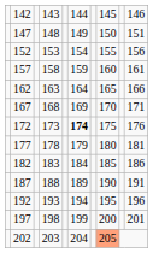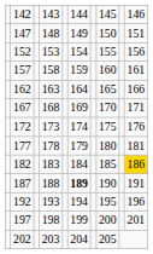 <table class="wikitable" style="text-align:center">
 <tr>
 <td></td>
 <td>142<br><big></big></td>
 <td></td>
 <td>143<br><big></big></td>
 <td></td>
 <td>144<br><big></big></td>
 <td></td>
 <td>145<br><big></big></td>
 <td></td>
 <td>146<br><big></big></td>
 </tr>
 <tr>
 <td></td>
 <td>147<br><big></big></td>
 <td></td>
 <td>148<br><big></big></td>
 <td></td>
 <td>149<br><big></big></td>
 <td></td>
 <td>150<br><big></big></td>
 <td></td>
 <td>151<br><big></big></td>
 </tr>
 <tr>
 <td></td>
 <td>152<br><big></big></td>
 <td></td>
 <td>153<br><big></big></td>
 <td></td>
 <td>154<br><big></big></td>
 <td></td>
 <td>155<br><big></big></td>
 <td></td>
 <td>156<br><big></big></td>
 </tr>
 <tr>
 <td></td>
 <td>157<br><big></big></td>
 <td></td>
 <td>158<br><big></big></td>
 <td></td>
 <td>159<br><big></big></td>
 <td></td>
 <td>160<br><big></big></td>
 <td></td>
 <td>161<br><big></big></td>
 </tr>
 <tr>
 <td></td>
 <td>162<br><big></big></td>
 <td></td>
 <td>163<br><big></big></td>
 <td></td>
 <td>164<br><big></big></td>
 <td></td>
 <td>165<br><big></big></td>
 <td></td>
 <td>166<br><big></big></td>
 </tr>
 <tr>
 <td></td>
 <td>167<br><big></big></td>
 <td></td>
 <td>168<br><big></big></td>
 <td></td>
 <td>169<br><big></big></td>
 <td></td>
 <td>170<br><big></big></td>
 <td></td>
 <td>171<br><big></big></td>
 </tr>
 <tr>
 <td></td>
 <td>172<br><big></big></td>
 <td></td>
 <td>173<br><big></big></td>
 <td></td>
-<td><strong>174<br><big></big></strong></td>
+<td>174<br><big></big></td>
 <td></td>
 <td>175<br><big></big></td>
 <td></td>
 <td>176<br><big></big></td>
 </tr>
 <tr>
 <td></td>
 <td>177<br><big></big></td>
 <td></td>
 <td>178<br><big></big></td>
 <td></td>
 <td>179<br><big></big></td>
 <td></td>
 <td>180<br><big></big></td>
 <td></td>
 <td>181<br><big></big></td>
 </tr>
 <tr>
 <td></td>
 <td>182<br><big></big></td>
 <td></td>
 <td>183<br><big></big></td>
 <td></td>
 <td>184<br><big></big></td>
 <td></td>
 <td>185<br><big></big></td>
 <td></td>
-<td>186<br><big></big></td>
+<td style="background: gold;">186<br><big></big></td>
 </tr>
 <tr>
 <td></td>
 <td>187<br><big></big></td>
 <td></td>
 <td>188<br><big></big></td>
 <td></td>
-<td>189<br><big></big></td>
+<td><strong>189<br><big></big></strong></td>
 <td></td>
 <td>190<br><big></big></td>
 <td></td>
 <td>191<br><big></big></td>
 </tr>
 <tr>
 <td></td>
 <td>192<br><big></big></td>
 <td></td>
 <td>193<br><big></big></td>
 <td></td>
 <td>194<br><big></big></td>
 <td></td>
 <td>195<br><big></big></td>
 <td></td>
 <td>196<br><big></big></td>
 </tr>
 <tr>
 <td></td>
 <td>197<br><big></big></td>
 <td></td>
 <td>198<br><big></big></td>
 <td></td>
 <td>199<br><big></big></td>
 <td></td>
 <td>200<br><big></big></td>
 <td></td>
 <td>201<br><big></big></td>
 </tr>
 <tr>
 <td></td>
 <td>202<br><big></big></td>
 <td></td>
 <td>203<br><big></big></td>
 <td></td>
 <td>204<br><big></big></td>
 <td></td>
-<td style="background: lightsalmon;">205<br><big></big></td>
+<td>205<br><big></big></td>
 </tr>
 </table>
